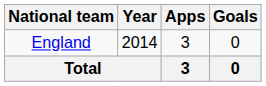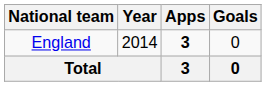 <table class=wikitable style=text-align:center>
 <tr>
 <th>National team</th>
 <th>Year</th>
 <th>Apps</th>
 <th>Goals</th>
 </tr>
 <tr>
 <td><a href='#'>England</a></td>
 <td>2014</td>
-<td>3</td>
+<td><strong>3</strong></td>
 <td>0</td>
 </tr>
 <tr>
 <th colspan=2>Total</th>
 <th>3</th>
 <th>0</th>
 </tr>
 </table>
